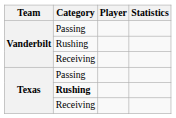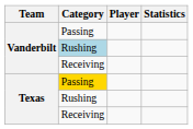 <table class="wikitable" style="float:right">
 <tr>
 <th>Team</th>
 <th>Category</th>
 <th>Player</th>
 <th>Statistics</th>
 </tr>
 <tr>
 <th rowspan=3>Vanderbilt</th>
 <td>Passing</td>
 <td></td>
 <td></td>
 </tr>
 <tr>
-<td>Rushing</td>
+<td style="background: lightblue;">Rushing</td>
 <td></td>
 <td></td>
 </tr>
 <tr>
 <td>Receiving</td>
 <td></td>
 <td></td>
 </tr>
 <tr>
 <th rowspan=3>Texas</th>
-<td>Passing</td>
+<td style="background: gold;">Passing</td>
 <td></td>
 <td></td>
 </tr>
 <tr>
-<td><strong>Rushing</strong></td>
+<td>Rushing</td>
 <td></td>
 <td></td>
 </tr>
 <tr>
 <td>Receiving</td>
 <td></td>
 <td></td>
 </tr>
 </table>
